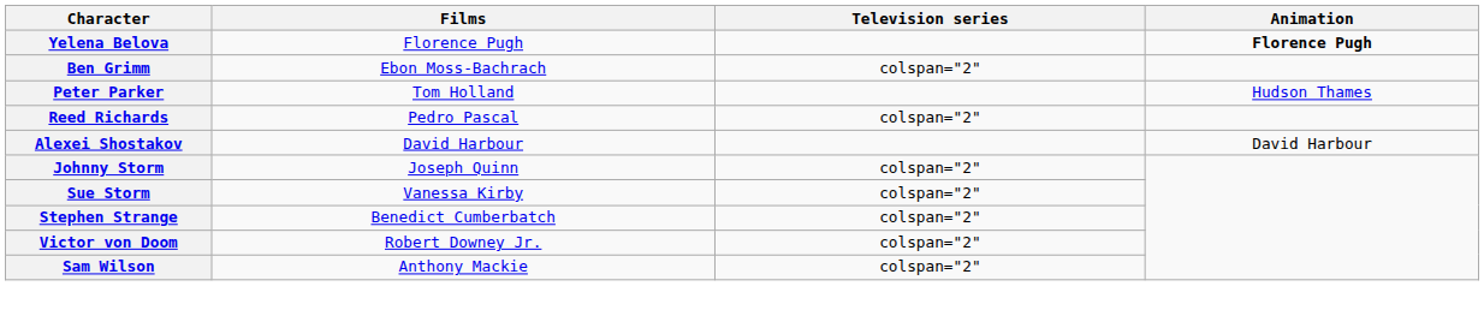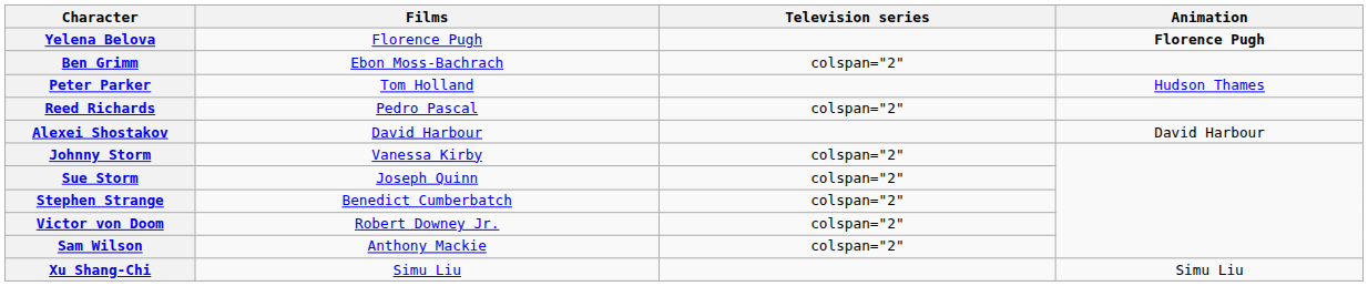 <table class="wikitable" style="text-align: center; width: 99%;">
 <tr>
 <th scope="col" style="width:14%;">Character</th>
 <th scope=col>Films</th>
 <th scope=col>Television series</th>
 <th scope=col>Animation</th>
 </tr>
 <tr>
 <th><a href='#'>Yelena Belova<br></a></th>
 <td><a href='#'>Florence Pugh</a></td>
 <td></td>
 <td><strong>Florence Pugh</strong></td>
 </tr>
 <tr>
 <th><a href='#'>Ben Grimm<br></a></th>
 <td><a href='#'>Ebon Moss-Bachrach</a></td>
 <td>colspan="2" </td>
 </tr>
 <tr>
 <th><a href='#'>Peter Parker<br></a></th>
 <td><a href='#'>Tom Holland</a></td>
 <td></td>
 <td><a href='#'>Hudson Thames</a></td>
 </tr>
 <tr>
 <th><a href='#'>Reed Richards<br></a></th>
 <td><a href='#'>Pedro Pascal</a></td>
 <td>colspan="2" </td>
 </tr>
 <tr>
 <th><a href='#'>Alexei Shostakov<br></a></th>
 <td><a href='#'>David Harbour</a></td>
 <td></td>
 <td>David Harbour</td>
 </tr>
 <tr>
 <th><a href='#'>Johnny Storm<br></a></th>
-<td><a href='#'>Joseph Quinn</a></td>
+<td><a href='#'>Vanessa Kirby</a></td>
 <td>colspan="2" </td>
 </tr>
 <tr>
 <th><a href='#'>Sue Storm<br></a></th>
-<td><a href='#'>Vanessa Kirby</a></td>
+<td><a href='#'>Joseph Quinn</a></td>
 <td>colspan="2" </td>
 </tr>
 <tr>
 <th><a href='#'>Stephen Strange</a></th>
 <td><a href='#'>Benedict Cumberbatch</a></td>
 <td>colspan="2" </td>
 </tr>
 <tr>
 <th><a href='#'>Victor von Doom<br></a></th>
 <td><a href='#'>Robert Downey Jr.</a></td>
 <td>colspan="2" </td>
 </tr>
 <tr>
 <th><a href='#'>Sam Wilson<br></a></th>
 <td><a href='#'>Anthony Mackie</a></td>
 <td>colspan="2" </td>
 </tr>
+<tr>
+<th><a href='#'>Xu Shang-Chi</a></th>
+<td><a href='#'>Simu Liu</a></td>
+<td></td>
+<td>Simu Liu</td>
+</tr>
 </table>
